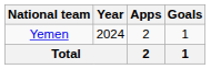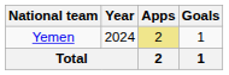 <table class="wikitable" style="text-align:center">
 <tr>
 <th>National team</th>
 <th>Year</th>
 <th>Apps</th>
 <th>Goals</th>
 </tr>
 <tr>
 <td><a href='#'>Yemen</a></td>
 <td>2024</td>
-<td>2</td>
+<td style="background: khaki;">2</td>
 <td>1</td>
 </tr>
 <tr>
 <th colspan="2">Total</th>
 <th>2</th>
 <th>1</th>
 </tr>
 </table>
